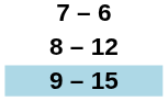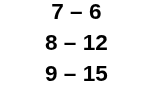 <table style="text-align:center">
 <tr>
 <th width=200></th>
 <th width=100></th>
 <th width=200></th>
 </tr>
 <tr>
 <td align=right></td>
 <td><strong>7 – 6</strong></td>
 <td align=left></td>
 </tr>
 <tr>
 <td align=right></td>
 <td><strong>8 – 12</strong></td>
 <td align=left></td>
 </tr>
 <tr>
 <td align=right></td>
-<td style="background: lightblue;"><strong>9 – 15</strong></td>
+<td><strong>9 – 15</strong></td>
 <td align=left></td>
 </tr>
 </table>
